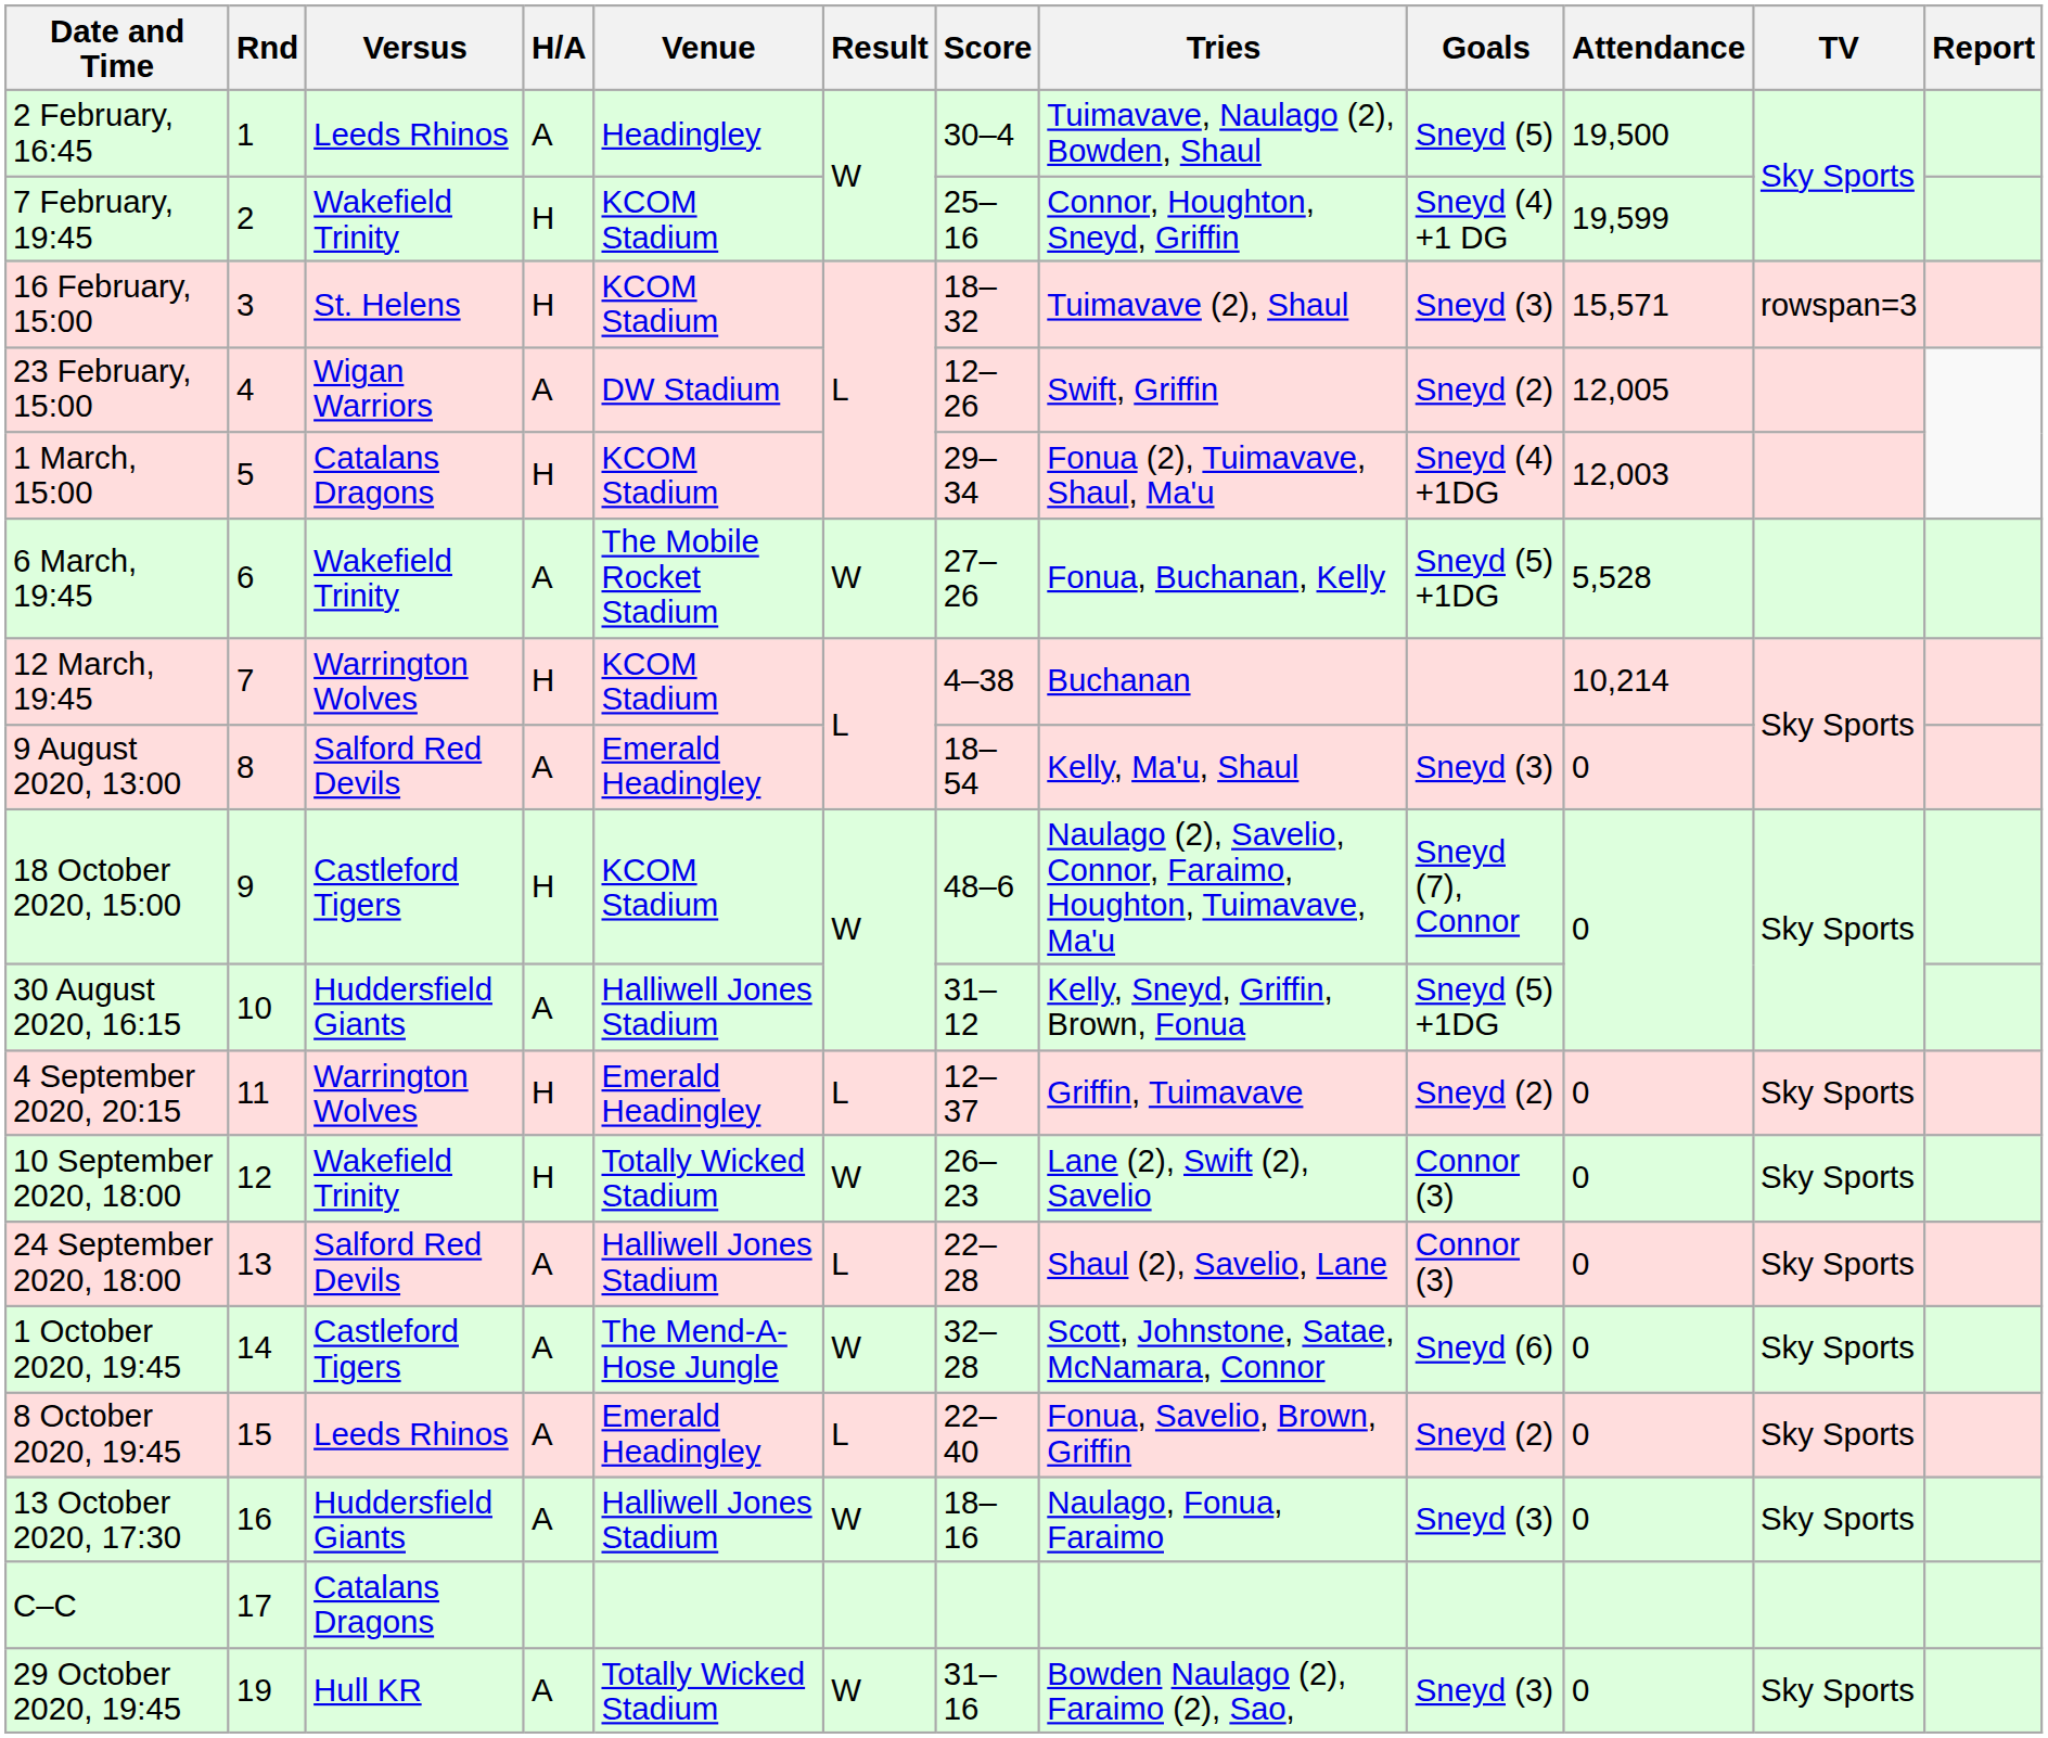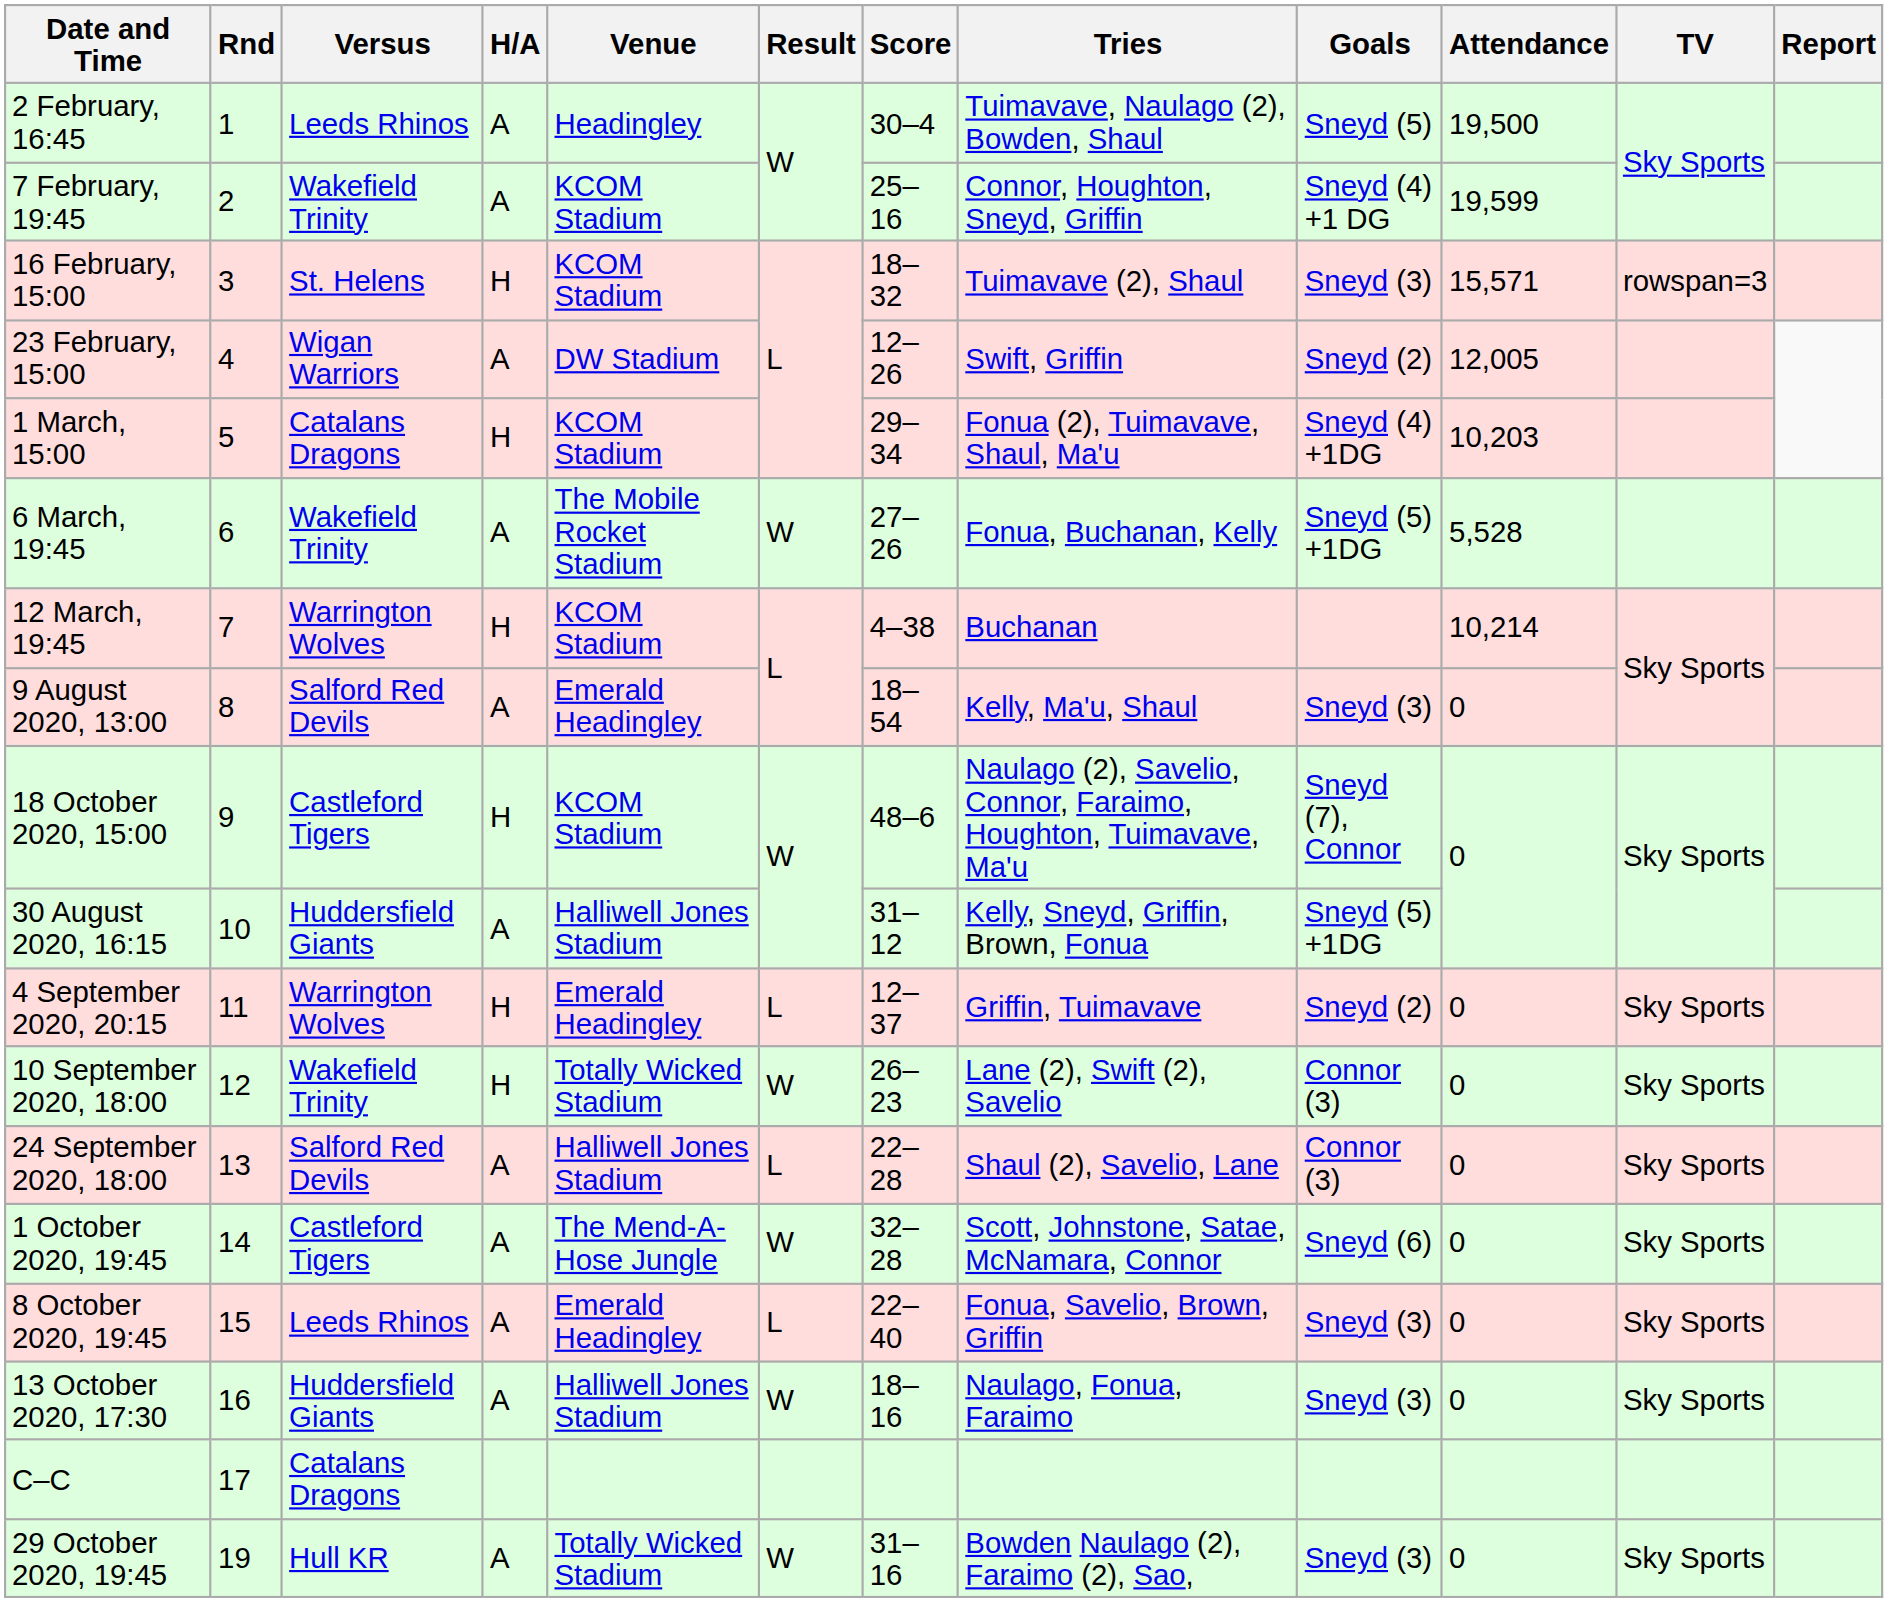 <table class="wikitable" style="font-size:85%;">
 <tr>
 <th>Date and Time</th>
 <th>Rnd</th>
 <th>Versus</th>
 <th>H/A</th>
 <th>Venue</th>
 <th>Result</th>
 <th>Score</th>
 <th>Tries</th>
 <th>Goals</th>
 <th>Attendance</th>
 <th>TV</th>
 <th>Report</th>
 </tr>
 <tr style="background:#ddffdd;" width=20 | >
 <td>2 February, 16:45</td>
 <td>1</td>
 <td> <a href='#'>Leeds Rhinos</a></td>
 <td>A</td>
 <td><a href='#'>Headingley</a></td>
 <td rowspan=2>W</td>
 <td>30–4</td>
 <td><a href='#'>Tuimavave</a>, <a href='#'>Naulago</a> (2), <a href='#'>Bowden</a>, <a href='#'>Shaul</a></td>
 <td><a href='#'>Sneyd</a> (5)</td>
 <td>19,500</td>
 <td rowspan=2><a href='#'>Sky Sports</a></td>
 <td></td>
 </tr>
 <tr style="background:#ddffdd;" width=20 | >
 <td>7 February, 19:45</td>
 <td>2</td>
 <td> <a href='#'>Wakefield Trinity</a></td>
-<td>H</td>
+<td>A</td>
 <td><a href='#'>KCOM Stadium</a></td>
 <td>25–16</td>
 <td><a href='#'>Connor</a>, <a href='#'>Houghton</a>, <a href='#'>Sneyd</a>, <a href='#'>Griffin</a></td>
 <td><a href='#'>Sneyd</a> (4) +1 DG</td>
 <td>19,599</td>
 <td></td>
 </tr>
 <tr style="background:#ffdddd;" width=20 | >
 <td>16 February, 15:00</td>
 <td>3</td>
 <td><a href='#'>St. Helens</a></td>
 <td>H</td>
 <td><a href='#'>KCOM Stadium</a></td>
 <td rowspan=3>L</td>
 <td>18–32</td>
 <td><a href='#'>Tuimavave</a> (2), <a href='#'>Shaul</a></td>
 <td><a href='#'>Sneyd</a> (3)</td>
 <td>15,571</td>
 <td>rowspan=3</td>
 <td></td>
 </tr>
 <tr style="background:#ffdddd;" width=20 | >
 <td>23 February, 15:00</td>
 <td>4</td>
 <td> <a href='#'>Wigan Warriors</a></td>
 <td>A</td>
 <td><a href='#'>DW Stadium</a></td>
 <td>12–26</td>
 <td><a href='#'>Swift</a>, <a href='#'>Griffin</a></td>
 <td><a href='#'>Sneyd</a> (2)</td>
 <td>12,005</td>
 <td></td>
 </tr>
 <tr style="background:#ffdddd;" width=20 | >
 <td>1 March, 15:00</td>
 <td>5</td>
 <td> <a href='#'>Catalans Dragons</a></td>
 <td>H</td>
 <td><a href='#'>KCOM Stadium</a></td>
 <td>29–34</td>
 <td><a href='#'>Fonua</a> (2), <a href='#'>Tuimavave</a>, <a href='#'>Shaul</a>, <a href='#'>Ma'u</a></td>
 <td><a href='#'>Sneyd</a> (4) +1DG</td>
-<td>12,003</td>
+<td>10,203</td>
 <td></td>
 </tr>
 <tr style="background:#ddffdd;" width=20 | >
 <td>6 March, 19:45</td>
 <td>6</td>
 <td> <a href='#'>Wakefield Trinity</a></td>
 <td>A</td>
 <td><a href='#'>The Mobile Rocket Stadium</a></td>
 <td>W</td>
 <td>27–26</td>
 <td><a href='#'>Fonua</a>, <a href='#'>Buchanan</a>, <a href='#'>Kelly</a></td>
 <td><a href='#'>Sneyd</a> (5) +1DG</td>
 <td>5,528</td>
 <td></td>
 <td></td>
 </tr>
 <tr style="background:#ffdddd;" width=20 | >
 <td>12 March, 19:45</td>
 <td>7</td>
 <td> <a href='#'>Warrington Wolves</a></td>
 <td>H</td>
 <td><a href='#'>KCOM Stadium</a></td>
 <td rowspan=2>L</td>
 <td>4–38</td>
 <td><a href='#'>Buchanan</a></td>
 <td></td>
 <td>10,214</td>
 <td rowspan=2>Sky Sports</td>
 <td></td>
 </tr>
 <tr style="background:#ffdddd;" width=20 | >
 <td>9 August 2020, 13:00</td>
 <td>8</td>
 <td> <a href='#'>Salford Red Devils</a></td>
 <td>A</td>
 <td><a href='#'>Emerald Headingley</a></td>
 <td>18–54</td>
 <td><a href='#'>Kelly</a>, <a href='#'>Ma'u</a>, <a href='#'>Shaul</a></td>
 <td><a href='#'>Sneyd</a> (3)</td>
 <td>0</td>
 <td></td>
 </tr>
 <tr style="background:#ddffdd;" width=20 | >
 <td>18 October 2020, 15:00</td>
 <td>9</td>
 <td> <a href='#'>Castleford Tigers</a></td>
 <td>H</td>
 <td><a href='#'>KCOM Stadium</a></td>
 <td rowspan=2>W</td>
 <td>48–6</td>
 <td><a href='#'>Naulago</a> (2), <a href='#'>Savelio</a>, <a href='#'>Connor</a>, <a href='#'>Faraimo</a>, <a href='#'>Houghton</a>, <a href='#'>Tuimavave</a>, <a href='#'>Ma'u</a></td>
 <td><a href='#'>Sneyd</a> (7), <a href='#'>Connor</a></td>
 <td rowspan=2>0</td>
 <td rowspan=2>Sky Sports</td>
 <td></td>
 </tr>
 <tr style="background:#ddffdd;" width=20 | >
 <td>30 August 2020, 16:15</td>
 <td>10</td>
 <td> <a href='#'>Huddersfield Giants</a></td>
 <td>A</td>
 <td><a href='#'>Halliwell Jones Stadium</a></td>
 <td>31–12</td>
 <td><a href='#'>Kelly</a>, <a href='#'>Sneyd</a>, <a href='#'>Griffin</a>, Brown, <a href='#'>Fonua</a></td>
 <td><a href='#'>Sneyd</a> (5) +1DG</td>
 <td></td>
 </tr>
 <tr style="background:#ffdddd;" width=20 | >
 <td>4 September 2020, 20:15</td>
 <td>11</td>
 <td> <a href='#'>Warrington Wolves</a></td>
 <td>H</td>
 <td><a href='#'>Emerald Headingley</a></td>
 <td>L</td>
 <td>12–37</td>
 <td><a href='#'>Griffin</a>, <a href='#'>Tuimavave</a></td>
 <td><a href='#'>Sneyd</a> (2)</td>
 <td>0</td>
 <td>Sky Sports</td>
 <td></td>
 </tr>
 <tr style="background:#ddffdd;" width=20 | >
 <td>10 September 2020, 18:00</td>
 <td>12</td>
 <td> <a href='#'>Wakefield Trinity</a></td>
 <td>H</td>
 <td><a href='#'>Totally Wicked Stadium</a></td>
 <td>W</td>
 <td>26–23</td>
 <td><a href='#'>Lane</a> (2), <a href='#'>Swift</a> (2), <a href='#'>Savelio</a></td>
 <td><a href='#'>Connor</a> (3)</td>
 <td>0</td>
 <td>Sky Sports</td>
 <td></td>
 </tr>
 <tr style="background:#ffdddd;" width=20 | >
 <td>24 September 2020, 18:00</td>
 <td>13</td>
 <td> <a href='#'>Salford Red Devils</a></td>
 <td>A</td>
 <td><a href='#'>Halliwell Jones Stadium</a></td>
 <td>L</td>
 <td>22–28</td>
 <td><a href='#'>Shaul</a> (2), <a href='#'>Savelio</a>, <a href='#'>Lane</a></td>
 <td><a href='#'>Connor</a> (3)</td>
 <td>0</td>
 <td>Sky Sports</td>
 <td></td>
 </tr>
 <tr style="background:#ddffdd;" width=20 | >
 <td>1 October 2020, 19:45</td>
 <td>14</td>
 <td> <a href='#'>Castleford Tigers</a></td>
 <td>A</td>
 <td><a href='#'>The Mend-A-Hose Jungle</a></td>
 <td>W</td>
 <td>32–28</td>
 <td><a href='#'>Scott</a>, <a href='#'>Johnstone</a>, <a href='#'>Satae</a>, <a href='#'>McNamara</a>, <a href='#'>Connor</a></td>
 <td><a href='#'>Sneyd</a> (6)</td>
 <td>0</td>
 <td>Sky Sports</td>
 <td></td>
 </tr>
 <tr style="background:#ffdddd;" width=20 | >
 <td>8 October 2020, 19:45</td>
 <td>15</td>
 <td> <a href='#'>Leeds Rhinos</a></td>
 <td>A</td>
 <td><a href='#'>Emerald Headingley</a> </td>
 <td>L</td>
 <td>22–40</td>
 <td><a href='#'>Fonua</a>, <a href='#'>Savelio</a>, <a href='#'>Brown</a>, <a href='#'>Griffin</a></td>
-<td><a href='#'>Sneyd</a> (2)</td>
+<td><a href='#'>Sneyd</a> (3)</td>
 <td>0</td>
 <td>Sky Sports</td>
 <td></td>
 </tr>
 <tr style="background:#ddffdd;" width=20 | >
 <td>13 October 2020, 17:30</td>
 <td>16</td>
 <td> <a href='#'>Huddersfield Giants</a></td>
 <td>A</td>
 <td><a href='#'>Halliwell Jones Stadium</a></td>
 <td>W</td>
 <td>18–16</td>
 <td><a href='#'>Naulago</a>, <a href='#'>Fonua</a>, <a href='#'>Faraimo</a></td>
 <td><a href='#'>Sneyd</a> (3)</td>
 <td>0</td>
 <td>Sky Sports</td>
 <td></td>
 </tr>
 <tr style="background:#ddffdd;" width=20 | >
 <td>C–C</td>
 <td>17</td>
 <td> <a href='#'>Catalans Dragons</a></td>
 <td></td>
 <td></td>
 <td></td>
 <td></td>
 <td></td>
 <td></td>
 <td></td>
 <td></td>
 <td></td>
 </tr>
 <tr style="background:#ddffdd;" width=20 | >
 <td>29 October 2020, 19:45</td>
 <td>19</td>
 <td> <a href='#'>Hull KR</a></td>
 <td>A</td>
 <td><a href='#'>Totally Wicked Stadium</a></td>
 <td>W</td>
 <td>31–16</td>
 <td><a href='#'>Bowden</a> <a href='#'>Naulago</a> (2), <a href='#'>Faraimo</a> (2), <a href='#'>Sao</a>,</td>
 <td><a href='#'>Sneyd</a> (3)</td>
 <td>0</td>
 <td>Sky Sports</td>
 <td></td>
 </tr>
 </table>
